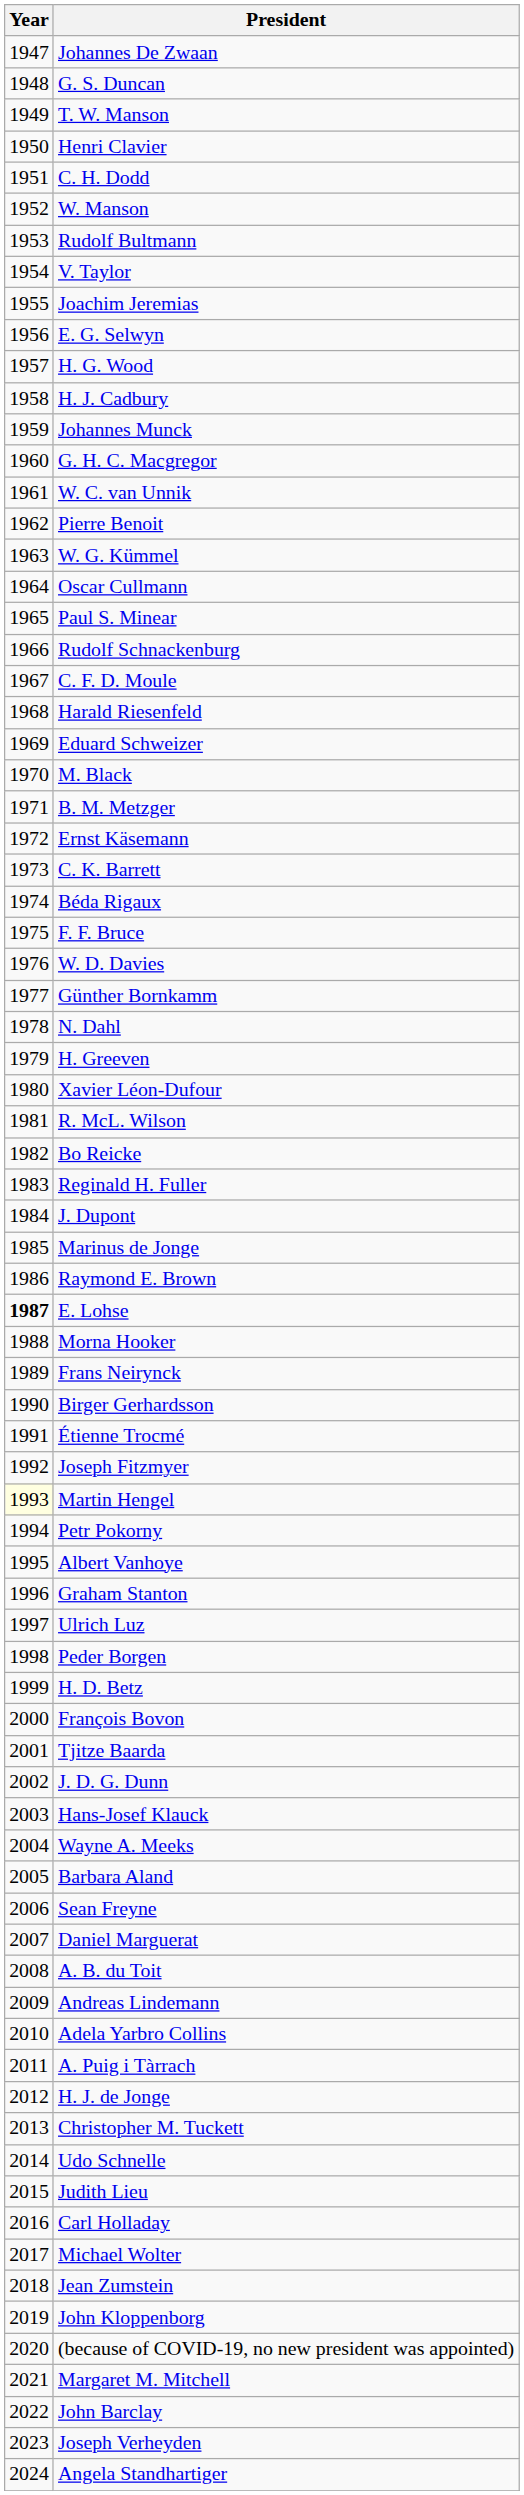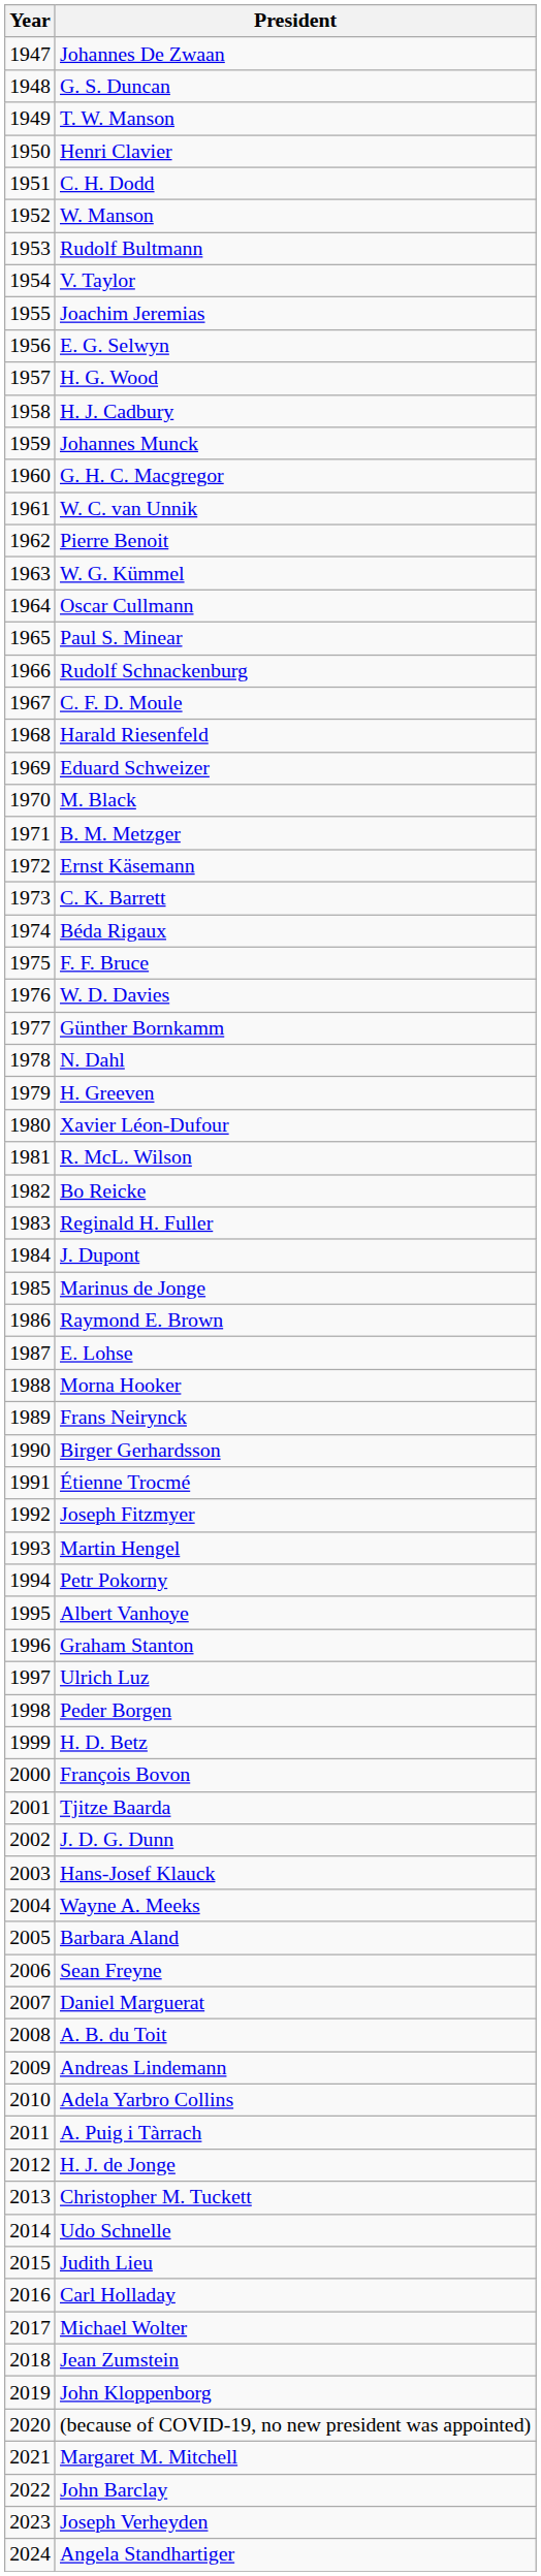 <table class="wikitable sortable">
 <tr>
 <th>Year</th>
 <th>President</th>
 </tr>
 <tr>
 <td>1947</td>
 <td><a href='#'>Johannes De Zwaan</a></td>
 </tr>
 <tr>
 <td>1948</td>
 <td><a href='#'>G. S. Duncan</a></td>
 </tr>
 <tr>
 <td>1949</td>
 <td><a href='#'>T. W. Manson</a></td>
 </tr>
 <tr>
 <td>1950</td>
 <td><a href='#'>Henri Clavier</a></td>
 </tr>
 <tr>
 <td>1951</td>
 <td><a href='#'>C. H. Dodd</a></td>
 </tr>
 <tr>
 <td>1952</td>
 <td><a href='#'>W. Manson</a></td>
 </tr>
 <tr>
 <td>1953</td>
 <td><a href='#'>Rudolf Bultmann</a></td>
 </tr>
 <tr>
 <td>1954</td>
 <td><a href='#'>V. Taylor</a></td>
 </tr>
 <tr>
 <td>1955</td>
 <td><a href='#'>Joachim Jeremias</a></td>
 </tr>
 <tr>
 <td>1956</td>
 <td><a href='#'>E. G. Selwyn</a></td>
 </tr>
 <tr>
 <td>1957</td>
 <td><a href='#'>H. G. Wood</a></td>
 </tr>
 <tr>
 <td>1958</td>
 <td><a href='#'>H. J. Cadbury</a></td>
 </tr>
 <tr>
 <td>1959</td>
 <td><a href='#'>Johannes Munck</a></td>
 </tr>
 <tr>
 <td>1960</td>
 <td><a href='#'>G. H. C. Macgregor</a></td>
 </tr>
 <tr>
 <td>1961</td>
 <td><a href='#'>W. C. van Unnik</a></td>
 </tr>
 <tr>
 <td>1962</td>
 <td><a href='#'>Pierre Benoit</a></td>
 </tr>
 <tr>
 <td>1963</td>
 <td><a href='#'>W. G. Kümmel</a></td>
 </tr>
 <tr>
 <td>1964</td>
 <td><a href='#'>Oscar Cullmann</a></td>
 </tr>
 <tr>
 <td>1965</td>
 <td><a href='#'>Paul S. Minear</a></td>
 </tr>
 <tr>
 <td>1966</td>
 <td><a href='#'>Rudolf Schnackenburg</a></td>
 </tr>
 <tr>
 <td>1967</td>
 <td><a href='#'>C. F. D. Moule</a></td>
 </tr>
 <tr>
 <td>1968</td>
 <td><a href='#'>Harald Riesenfeld</a></td>
 </tr>
 <tr>
 <td>1969</td>
 <td><a href='#'>Eduard Schweizer</a></td>
 </tr>
 <tr>
 <td>1970</td>
 <td><a href='#'>M. Black</a></td>
 </tr>
 <tr>
 <td>1971</td>
 <td><a href='#'>B. M. Metzger</a></td>
 </tr>
 <tr>
 <td>1972</td>
 <td><a href='#'>Ernst Käsemann</a></td>
 </tr>
 <tr>
 <td>1973</td>
 <td><a href='#'>C. K. Barrett</a></td>
 </tr>
 <tr>
 <td>1974</td>
 <td><a href='#'>Béda Rigaux</a></td>
 </tr>
 <tr>
 <td>1975</td>
 <td><a href='#'>F. F. Bruce</a></td>
 </tr>
 <tr>
 <td>1976</td>
 <td><a href='#'>W. D. Davies</a></td>
 </tr>
 <tr>
 <td>1977</td>
 <td><a href='#'>Günther Bornkamm</a></td>
 </tr>
 <tr>
 <td>1978</td>
 <td><a href='#'>N. Dahl</a></td>
 </tr>
 <tr>
 <td>1979</td>
 <td><a href='#'>H. Greeven</a></td>
 </tr>
 <tr>
 <td>1980</td>
 <td><a href='#'>Xavier Léon-Dufour</a></td>
 </tr>
 <tr>
 <td>1981</td>
 <td><a href='#'>R. McL. Wilson</a></td>
 </tr>
 <tr>
 <td>1982</td>
 <td><a href='#'>Bo Reicke</a></td>
 </tr>
 <tr>
 <td>1983</td>
 <td><a href='#'>Reginald H. Fuller</a></td>
 </tr>
 <tr>
 <td>1984</td>
 <td><a href='#'>J. Dupont</a></td>
 </tr>
 <tr>
 <td>1985</td>
 <td><a href='#'>Marinus de Jonge</a></td>
 </tr>
 <tr>
 <td>1986</td>
 <td><a href='#'>Raymond E. Brown</a></td>
 </tr>
 <tr>
-<td><strong>1987</strong></td>
+<td>1987</td>
 <td><a href='#'>E. Lohse</a></td>
 </tr>
 <tr>
 <td>1988</td>
 <td><a href='#'>Morna Hooker</a></td>
 </tr>
 <tr>
 <td>1989</td>
 <td><a href='#'>Frans Neirynck</a></td>
 </tr>
 <tr>
 <td>1990</td>
 <td><a href='#'>Birger Gerhardsson</a></td>
 </tr>
 <tr>
 <td>1991</td>
 <td><a href='#'>Étienne Trocmé</a></td>
 </tr>
 <tr>
 <td>1992</td>
 <td><a href='#'>Joseph Fitzmyer</a></td>
 </tr>
 <tr>
-<td style="background: lightyellow;">1993</td>
+<td>1993</td>
 <td><a href='#'>Martin Hengel</a></td>
 </tr>
 <tr>
 <td>1994</td>
 <td><a href='#'>Petr Pokorny</a></td>
 </tr>
 <tr>
 <td>1995</td>
 <td><a href='#'>Albert Vanhoye</a></td>
 </tr>
 <tr>
 <td>1996</td>
 <td><a href='#'>Graham Stanton</a></td>
 </tr>
 <tr>
 <td>1997</td>
 <td><a href='#'>Ulrich Luz</a></td>
 </tr>
 <tr>
 <td>1998</td>
 <td><a href='#'>Peder Borgen</a></td>
 </tr>
 <tr>
 <td>1999</td>
 <td><a href='#'>H. D. Betz</a></td>
 </tr>
 <tr>
 <td>2000</td>
 <td><a href='#'>François Bovon</a></td>
 </tr>
 <tr>
 <td>2001</td>
 <td><a href='#'>Tjitze Baarda</a></td>
 </tr>
 <tr>
 <td>2002</td>
 <td><a href='#'>J. D. G. Dunn</a></td>
 </tr>
 <tr>
 <td>2003</td>
 <td><a href='#'>Hans-Josef Klauck</a></td>
 </tr>
 <tr>
 <td>2004</td>
 <td><a href='#'>Wayne A. Meeks</a></td>
 </tr>
 <tr>
 <td>2005</td>
 <td><a href='#'>Barbara Aland</a></td>
 </tr>
 <tr>
 <td>2006</td>
 <td><a href='#'>Sean Freyne</a></td>
 </tr>
 <tr>
 <td>2007</td>
 <td><a href='#'>Daniel Marguerat</a></td>
 </tr>
 <tr>
 <td>2008</td>
 <td><a href='#'>A. B. du Toit</a></td>
 </tr>
 <tr>
 <td>2009</td>
 <td><a href='#'>Andreas Lindemann</a></td>
 </tr>
 <tr>
 <td>2010</td>
 <td><a href='#'>Adela Yarbro Collins</a></td>
 </tr>
 <tr>
 <td>2011</td>
 <td><a href='#'>A. Puig i Tàrrach</a></td>
 </tr>
 <tr>
 <td>2012</td>
 <td><a href='#'>H. J. de Jonge</a></td>
 </tr>
 <tr>
 <td>2013</td>
 <td><a href='#'>Christopher M. Tuckett</a></td>
 </tr>
 <tr>
 <td>2014</td>
 <td><a href='#'>Udo Schnelle</a></td>
 </tr>
 <tr>
 <td>2015</td>
 <td><a href='#'>Judith Lieu</a></td>
 </tr>
 <tr>
 <td>2016</td>
 <td><a href='#'>Carl Holladay</a></td>
 </tr>
 <tr>
 <td>2017</td>
 <td><a href='#'>Michael Wolter</a></td>
 </tr>
 <tr>
 <td>2018</td>
 <td><a href='#'>Jean Zumstein</a></td>
 </tr>
 <tr>
 <td>2019</td>
 <td><a href='#'>John Kloppenborg</a></td>
 </tr>
 <tr>
 <td>2020</td>
 <td>(because of COVID-19, no new president was appointed)</td>
 </tr>
 <tr>
 <td>2021</td>
 <td><a href='#'>Margaret M. Mitchell</a></td>
 </tr>
 <tr>
 <td>2022</td>
 <td><a href='#'>John Barclay</a></td>
 </tr>
 <tr>
 <td>2023</td>
 <td><a href='#'>Joseph Verheyden</a></td>
 </tr>
 <tr>
 <td>2024</td>
 <td><a href='#'>Angela Standhartiger</a></td>
 </tr>
 </table>
